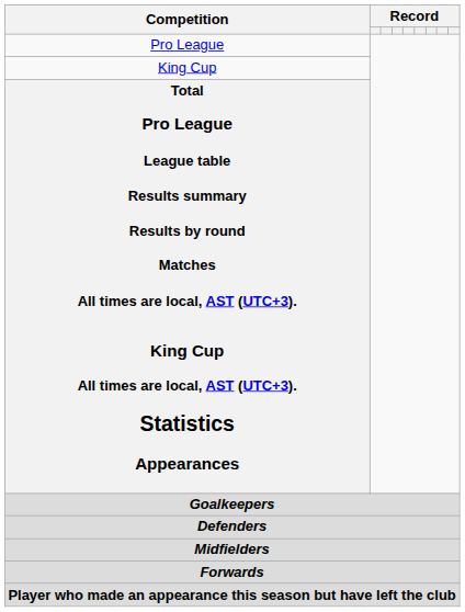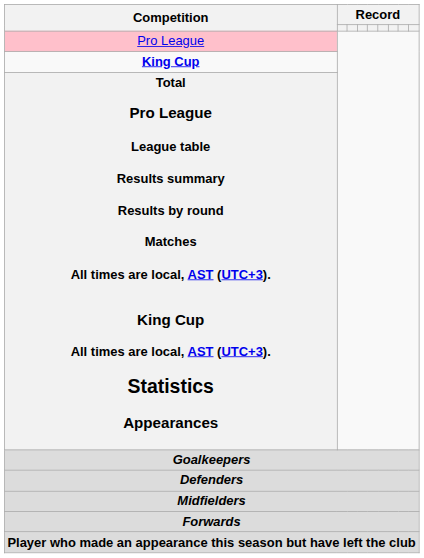 <table class="wikitable" style="text-align: center">
 <tr>
 <th rowspan=2>Competition</th>
 <th colspan=8>Record</th>
 </tr>
 <tr>
 <th></th>
 <th></th>
 <th></th>
 <th></th>
 <th></th>
 <th></th>
 <th></th>
 <th></th>
 </tr>
 <tr>
-<td><a href='#'>Pro League</a><br></td>
+<td style="background: pink;"><a href='#'>Pro League</a><br></td>
 </tr>
 <tr>
-<td><a href='#'>King Cup</a><br></td>
+<td><strong><a href='#'>King Cup</a><br></strong></td>
 </tr>
 <tr>
 <th>Total<br> <h3>Pro League</h3><h4>League table</h4><h4>Results summary</h4> <h4>Results by round</h4><h4>Matches</h4>All times are local, <a href='#'>AST</a> (<a href='#'>UTC+3</a>).<br>   <br>                             <h3>King Cup</h3> All times are local, <a href='#'>AST</a> (<a href='#'>UTC+3</a>).<br><h2>Statistics</h2><h3>Appearances</h3></th>
 </tr>
 <tr>
 <th colspan=10 style=background:#dcdcdc; text-align:center><em>Goalkeepers</em><br>   </th>
 </tr>
 <tr>
 <th colspan=10 style=background:#dcdcdc; text-align:center><em>Defenders</em><br>      </th>
 </tr>
 <tr>
 <th colspan=10 style=background:#dcdcdc; text-align:center><em>Midfielders</em><br>             </th>
 </tr>
 <tr>
 <th colspan=10 style=background:#dcdcdc; text-align:center><em>Forwards</em><br>     </th>
 </tr>
 <tr>
 <th colspan=18 style=background:#dcdcdc; text-align:center>Player who made an appearance this season but have left the club<br></th>
 </tr>
 </table>
